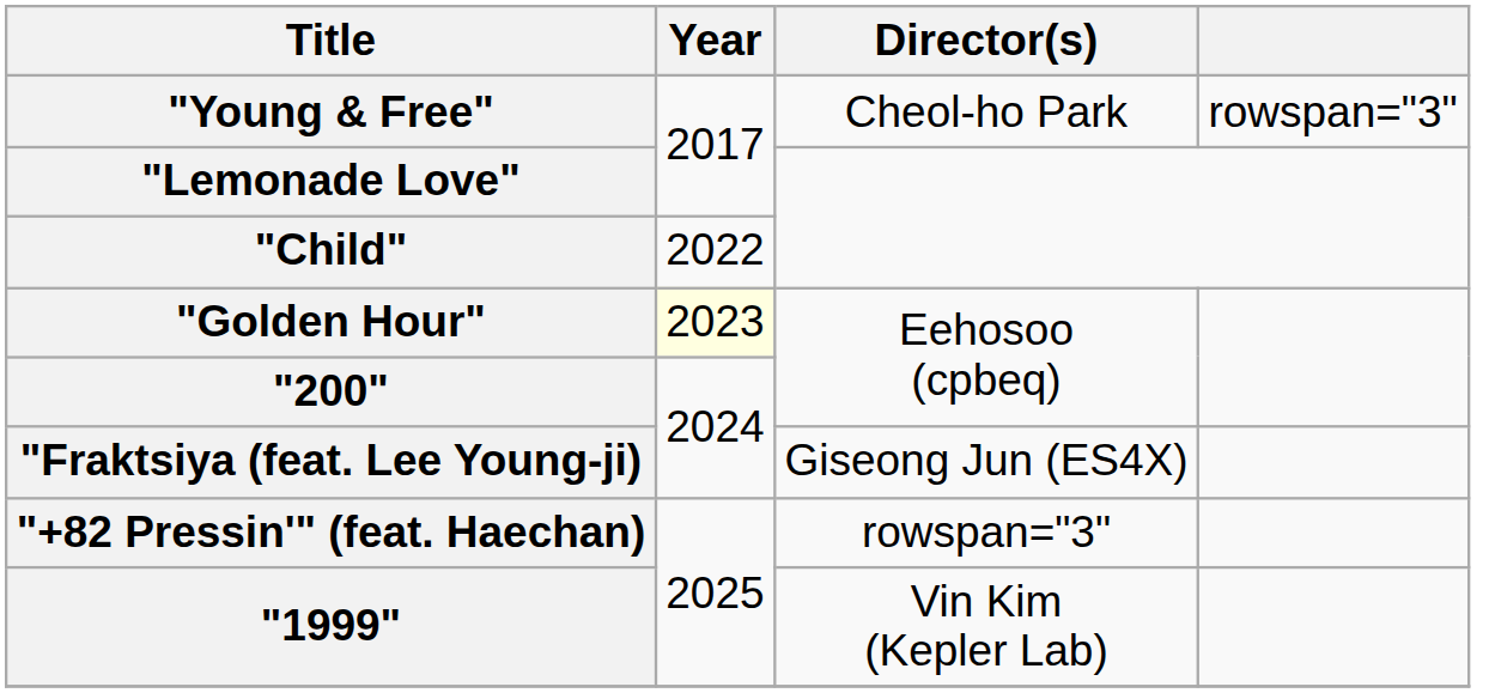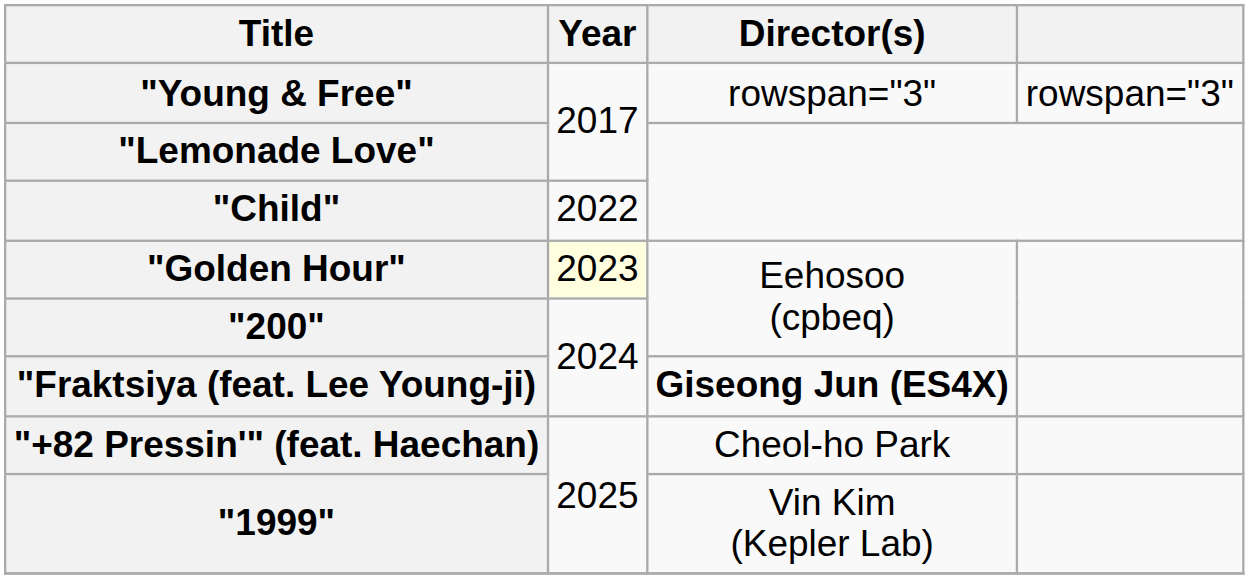 <table class="wikitable plainrowheaders" style="text-align:center;">
 <tr>
 <th>Title</th>
 <th>Year</th>
 <th>Director(s)</th>
 <th></th>
 </tr>
 <tr>
 <th scope=row>"Young & Free" </th>
 <td rowspan="2">2017</td>
-<td>Cheol-ho Park</td>
+<td>rowspan="3" </td>
 <td>rowspan="3" </td>
 </tr>
 <tr>
 <th scope=row>"Lemonade Love" </th>
 </tr>
 <tr>
 <th scope="row">"Child"</th>
 <td>2022</td>
 </tr>
 <tr>
 <th scope="row">"Golden Hour"</th>
 <td style="background: lightyellow;">2023</td>
 <td rowspan="2">Eehosoo<br>(cpbeq)</td>
 <td rowspan="2"></td>
 </tr>
 <tr>
 <th scope="row">"200"</th>
 <td rowspan="2">2024</td>
 </tr>
 <tr>
 <th scope="row">"Fraktsiya (feat. Lee Young-ji)</th>
-<td>Giseong Jun (ES4X)</td>
+<td><strong>Giseong Jun (ES4X)</strong></td>
 <td></td>
 </tr>
 <tr>
 <th scope="row">"+82 Pressin'" (feat. Haechan)</th>
 <td rowspan="2">2025</td>
-<td>rowspan="3" </td>
+<td>Cheol-ho Park</td>
 <td></td>
 </tr>
 <tr>
 <th scope="row">"1999"</th>
 <td>Vin Kim<br>(Kepler Lab)</td>
 <td></td>
 </tr>
 <tr>
 </tr>
 </table>
